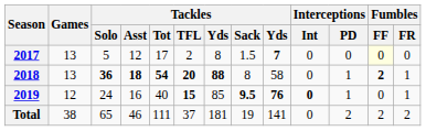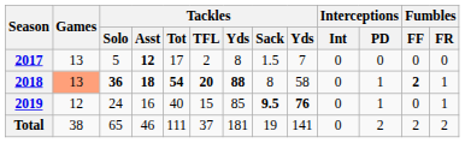 <table class="wikitable" style="text-align:center;">
 <tr>
 <th rowspan="2">Season</th>
 <th rowspan="2">Games</th>
 <th colspan="7">Tackles</th>
 <th colspan="2">Interceptions</th>
 <th colspan="2">Fumbles</th>
 </tr>
 <tr>
 <th>Solo</th>
 <th>Asst</th>
 <th>Tot</th>
 <th>TFL</th>
 <th>Yds</th>
 <th>Sack</th>
 <th>Yds</th>
 <th>Int</th>
 <th>PD</th>
 <th>FF</th>
 <th>FR</th>
 </tr>
 <tr>
 <th><a href='#'>2017</a></th>
 <td>13</td>
 <td>5</td>
-<td>12</td>
+<td><strong>12</strong></td>
 <td>17</td>
 <td>2</td>
 <td>8</td>
 <td>1.5</td>
-<td><strong>7</strong></td>
+<td>7</td>
 <td>0</td>
 <td>0</td>
-<td style="background: lightyellow;">0</td>
+<td>0</td>
 <td>0</td>
 </tr>
 <tr>
 <th><a href='#'>2018</a></th>
-<td>13</td>
+<td style="background: lightsalmon;">13</td>
 <td><strong>36</strong></td>
 <td><strong>18</strong></td>
 <td><strong>54</strong></td>
 <td><strong>20</strong></td>
 <td><strong>88</strong></td>
 <td>8</td>
 <td>58</td>
 <td>0</td>
 <td>1</td>
 <td><strong>2</strong></td>
 <td>1</td>
 </tr>
 <tr>
 <th><a href='#'>2019</a></th>
 <td>12</td>
 <td>24</td>
 <td>16</td>
 <td>40</td>
-<td><strong>15</strong></td>
+<td>15</td>
 <td>85</td>
 <td><strong>9.5</strong></td>
 <td><strong>76</strong></td>
-<td><strong>0</strong></td>
+<td>0</td>
 <td>1</td>
 <td>0</td>
 <td>1</td>
 </tr>
 <tr>
 <th>Total</th>
 <td>38</td>
 <td>65</td>
 <td>46</td>
 <td>111</td>
 <td>37</td>
 <td>181</td>
 <td>19</td>
 <td>141</td>
 <td>0</td>
 <td>2</td>
 <td>2</td>
 <td>2</td>
 </tr>
 </table>
